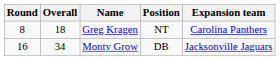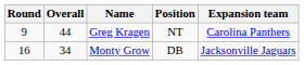 <table class="wikitable" style="text-align:center">
 <tr>
 <th>Round</th>
 <th>Overall</th>
 <th>Name</th>
 <th>Position</th>
 <th>Expansion team</th>
 </tr>
 <tr>
-<td>8</td>
-<td>18</td>
+<td>9</td>
+<td>44</td>
 <td><a href='#'>Greg Kragen</a></td>
 <td>NT</td>
 <td><a href='#'>Carolina Panthers</a></td>
 </tr>
 <tr>
 <td>16</td>
 <td>34</td>
 <td><a href='#'>Monty Grow</a></td>
 <td>DB</td>
 <td><a href='#'>Jacksonville Jaguars</a></td>
 </tr>
 </table>
